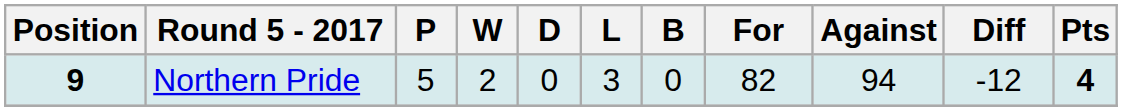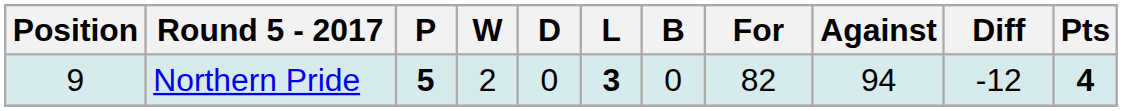 <table class="wikitable" style="text-align:center; font-size:85%;">
 <tr>
 <th width=40 abbr="Position">Position</th>
 <th width=100>Round 5 - 2017</th>
 <th width=20 abbr="Played">P</th>
 <th width=20 abbr="Won">W</th>
 <th width=20 abbr="Drawn">D</th>
 <th width=20 abbr="Lost">L</th>
 <th width=20 abbr="Bye">B</th>
 <th width=40 abbr="Points for">For</th>
 <th width=40 abbr="Points against">Against</th>
 <th width=40 abbr="Points difference">Diff</th>
 <th width=20 abbr="Points">Pts</th>
 </tr>
 <tr style="background: #d7ebed;">
-<td><strong>9</strong></td>
+<td>9</td>
 <td style="text-align:left;"> <a href='#'>Northern Pride</a></td>
-<td>5</td>
+<td><strong>5</strong></td>
 <td>2</td>
 <td>0</td>
-<td>3</td>
+<td><strong>3</strong></td>
 <td>0</td>
 <td>82</td>
 <td>94</td>
 <td>-12</td>
 <td><strong>4</strong></td>
 </tr>
 <tr>
 </tr>
 </table>
